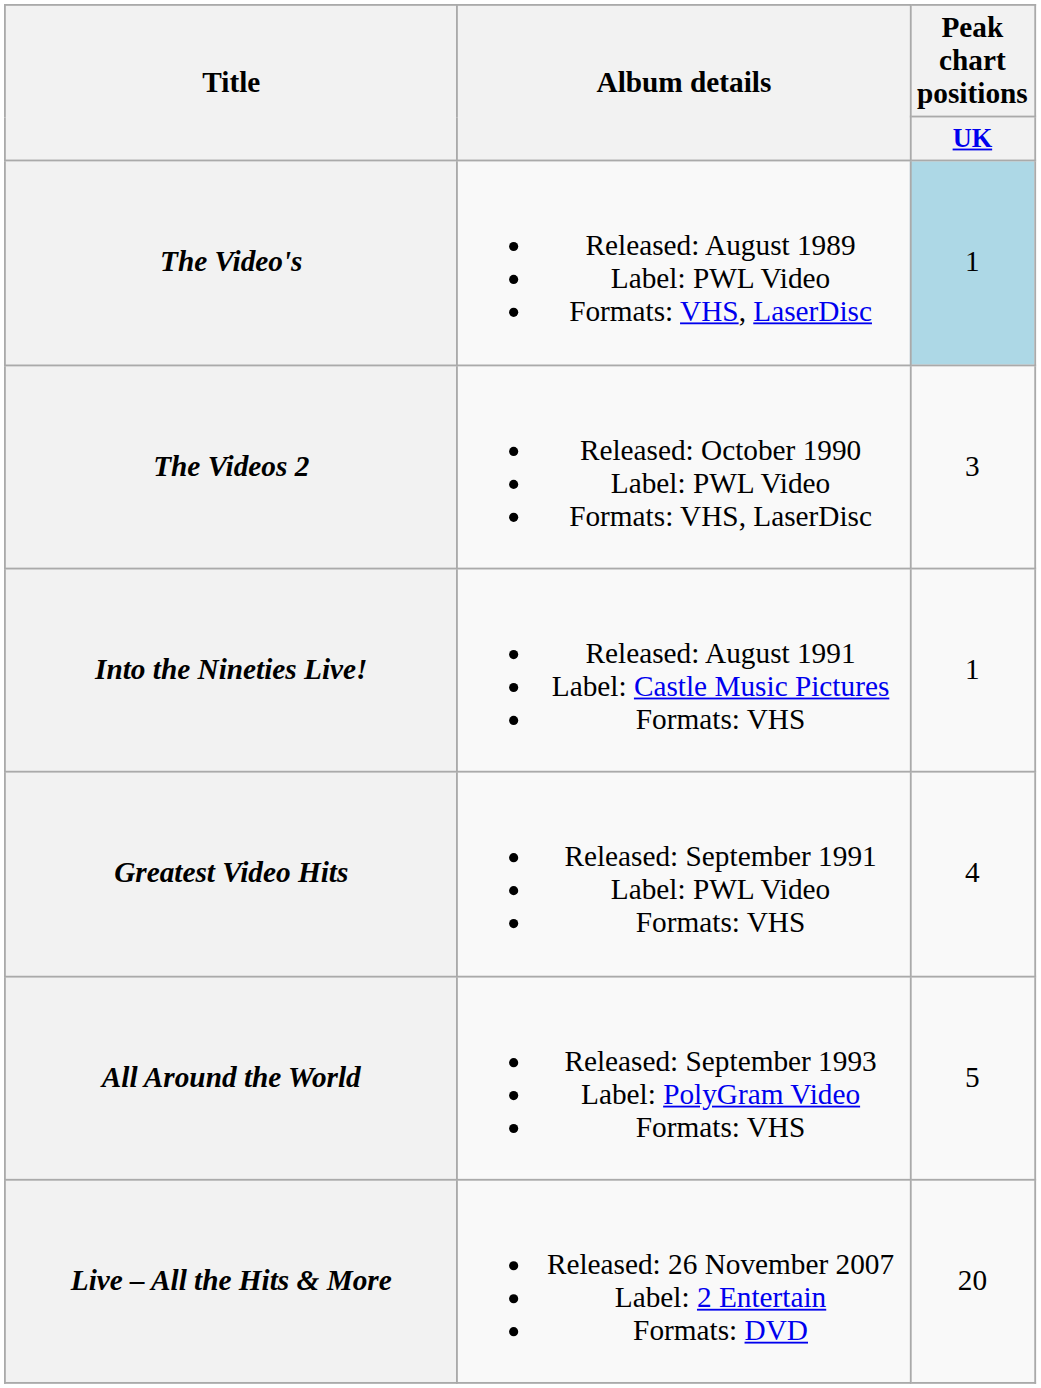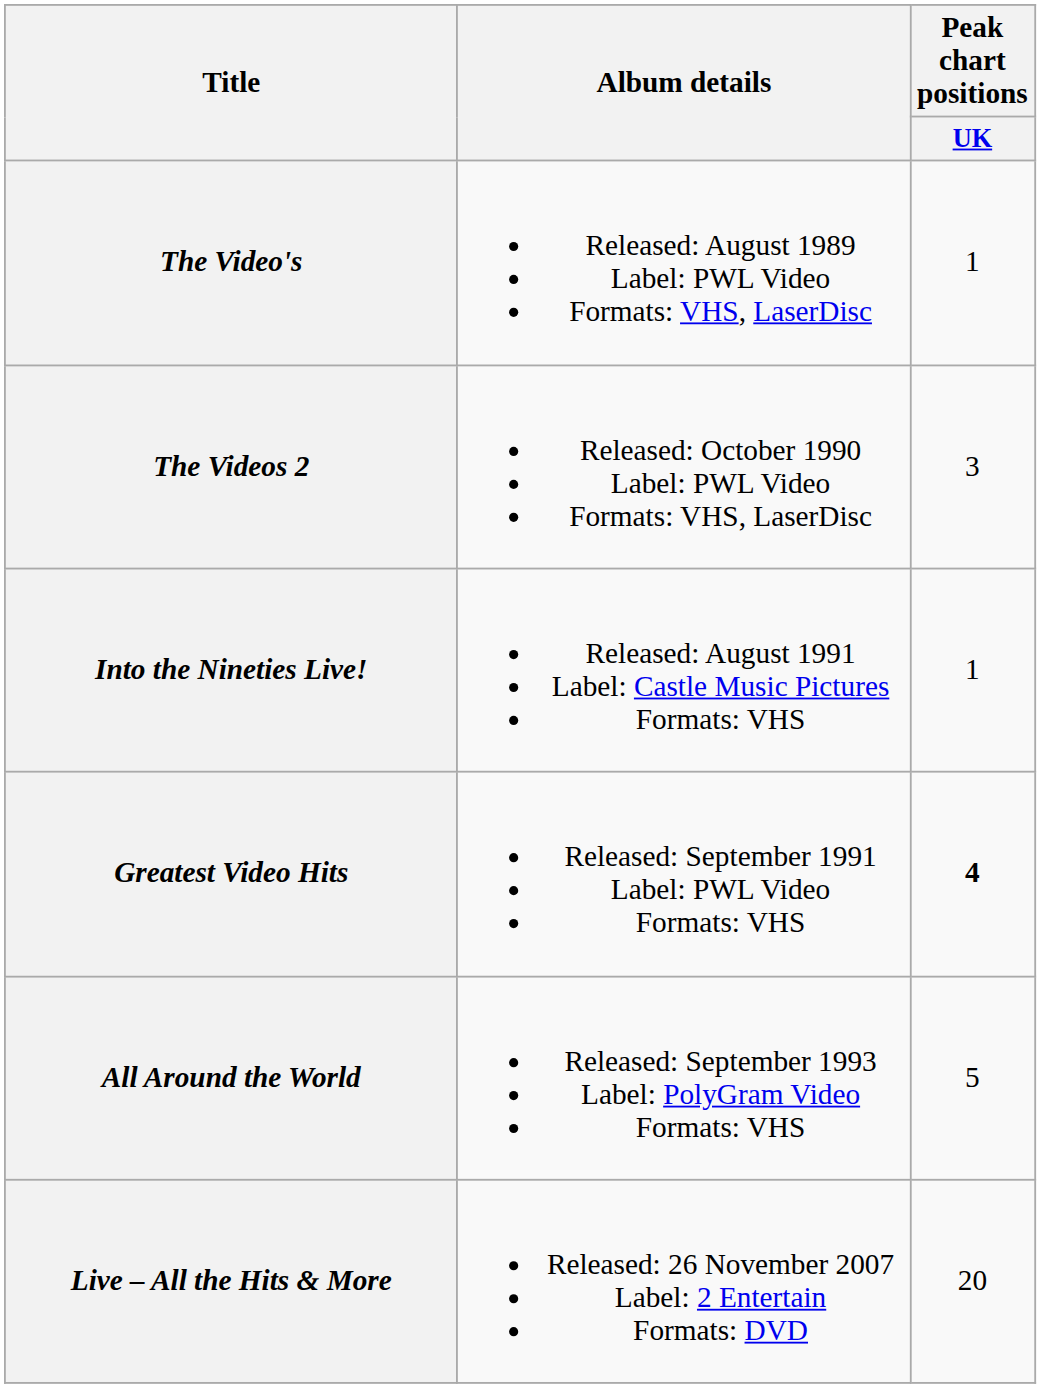 <table class="wikitable plainrowheaders" style="text-align:center;">
 <tr>
 <th scope="col" rowspan="2" style="width:15em;">Title</th>
 <th scope="col" rowspan="2" style="width:15em;">Album details</th>
 <th>Peak chart positions</th>
 </tr>
 <tr>
 <th scope="col" style="width:2em;font-size:90%;"><a href='#'>UK</a><br></th>
 </tr>
 <tr>
 <th scope="row"><em>The Video's</em></th>
 <td><br><ul><li>Released: August 1989</li><li>Label: PWL Video</li><li>Formats: <a href='#'>VHS</a>, <a href='#'>LaserDisc</a></li></ul></td>
-<td style="background: lightblue;">1</td>
+<td>1</td>
 </tr>
 <tr>
 <th scope="row"><em>The Videos 2</em></th>
 <td><br><ul><li>Released: October 1990</li><li>Label: PWL Video</li><li>Formats: VHS, LaserDisc</li></ul></td>
 <td>3</td>
 </tr>
 <tr>
 <th scope="row"><em>Into the Nineties Live!</em></th>
 <td><br><ul><li>Released: August 1991</li><li>Label: <a href='#'>Castle Music Pictures</a></li><li>Formats: VHS</li></ul></td>
 <td>1</td>
 </tr>
 <tr>
 <th scope="row"><em>Greatest Video Hits</em></th>
 <td><br><ul><li>Released: September 1991</li><li>Label: PWL Video</li><li>Formats: VHS</li></ul></td>
-<td>4</td>
+<td><strong>4</strong></td>
 </tr>
 <tr>
 <th scope="row"><em>All Around the World</em></th>
 <td><br><ul><li>Released: September 1993</li><li>Label: <a href='#'>PolyGram Video</a></li><li>Formats: VHS</li></ul></td>
 <td>5</td>
 </tr>
 <tr>
 <th scope="row"><em>Live – All the Hits & More</em></th>
 <td><br><ul><li>Released: 26 November 2007</li><li>Label: <a href='#'>2 Entertain</a></li><li>Formats: <a href='#'>DVD</a></li></ul></td>
 <td>20</td>
 </tr>
 </table>
